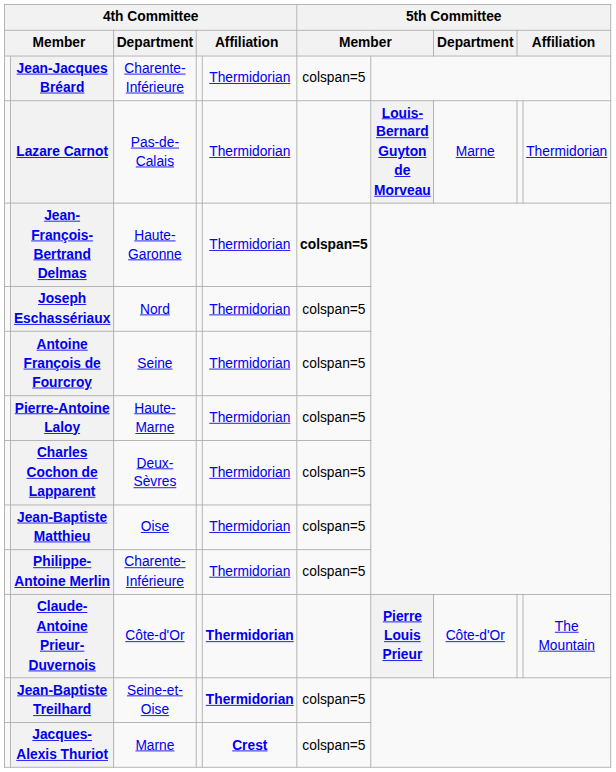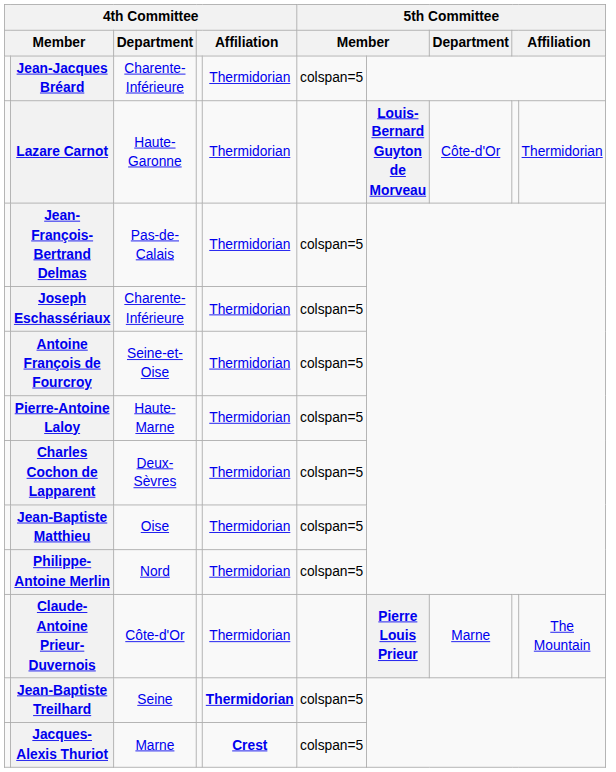 <table class="wikitable" style="line-height:1.4em; text-align:center">
 <tr>
 <th colspan=5>4th Committee<br></th>
 <th colspan=5>5th Committee<br></th>
 </tr>
 <tr>
 <th colspan=2>Member</th>
 <th>Department</th>
 <th colspan=2>Affiliation</th>
 <th colspan=2>Member</th>
 <th>Department</th>
 <th colspan=2>Affiliation</th>
 </tr>
 <tr>
 <td></td>
 <th><a href='#'>Jean-Jacques Bréard</a></th>
 <td><a href='#'>Charente-Inférieure</a></td>
 <td></td>
 <td><a href='#'>Thermidorian</a></td>
 <td>colspan=5 </td>
 </tr>
 <tr>
 <td></td>
 <th><a href='#'>Lazare Carnot</a></th>
-<td><a href='#'>Pas-de-Calais</a></td>
+<td><a href='#'>Haute-Garonne</a></td>
 <td></td>
 <td><a href='#'>Thermidorian</a></td>
 <td></td>
 <th><a href='#'>Louis-Bernard Guyton de Morveau</a></th>
-<td><a href='#'>Marne</a></td>
+<td><a href='#'>Côte-d'Or</a></td>
 <td></td>
 <td><a href='#'>Thermidorian</a></td>
 </tr>
 <tr>
 <td></td>
 <th><a href='#'>Jean-François-Bertrand Delmas</a></th>
-<td><a href='#'>Haute-Garonne</a></td>
+<td><a href='#'>Pas-de-Calais</a></td>
 <td></td>
 <td><a href='#'>Thermidorian</a></td>
-<td><strong>colspan=5 </strong></td>
+<td>colspan=5 </td>
 </tr>
 <tr>
 <td></td>
 <th><a href='#'>Joseph Eschassériaux</a></th>
-<td><a href='#'>Nord</a></td>
+<td><a href='#'>Charente-Inférieure</a></td>
 <td></td>
 <td><a href='#'>Thermidorian</a></td>
 <td>colspan=5 </td>
 </tr>
 <tr>
 <td></td>
 <th><a href='#'>Antoine François de Fourcroy</a></th>
-<td><a href='#'>Seine</a></td>
+<td><a href='#'>Seine-et-Oise</a></td>
 <td></td>
 <td><a href='#'>Thermidorian</a></td>
 <td>colspan=5 </td>
 </tr>
 <tr>
 <td></td>
 <th><a href='#'>Pierre-Antoine Laloy</a></th>
 <td><a href='#'>Haute-Marne</a></td>
 <td></td>
 <td><a href='#'>Thermidorian</a></td>
 <td>colspan=5 </td>
 </tr>
 <tr>
 <td></td>
 <th><a href='#'>Charles Cochon de Lapparent</a></th>
 <td><a href='#'>Deux-Sèvres</a></td>
 <td></td>
 <td><a href='#'>Thermidorian</a></td>
 <td>colspan=5 </td>
 </tr>
 <tr>
 <td></td>
 <th><a href='#'>Jean-Baptiste Matthieu</a></th>
 <td><a href='#'>Oise</a></td>
 <td></td>
 <td><a href='#'>Thermidorian</a></td>
 <td>colspan=5 </td>
 </tr>
 <tr>
 <td></td>
 <th><a href='#'>Philippe-Antoine Merlin</a></th>
-<td><a href='#'>Charente-Inférieure</a></td>
+<td><a href='#'>Nord</a></td>
 <td></td>
 <td><a href='#'>Thermidorian</a></td>
 <td>colspan=5 </td>
 </tr>
 <tr>
 <td></td>
 <th><a href='#'>Claude-Antoine Prieur-Duvernois</a></th>
 <td><a href='#'>Côte-d'Or</a></td>
 <td></td>
-<td><strong><a href='#'>Thermidorian</a></strong></td>
+<td><a href='#'>Thermidorian</a></td>
 <td></td>
 <th><a href='#'>Pierre Louis Prieur</a></th>
-<td><a href='#'>Côte-d'Or</a></td>
+<td><a href='#'>Marne</a></td>
 <td></td>
 <td><a href='#'>The Mountain</a></td>
 </tr>
 <tr>
 <td></td>
 <th><a href='#'>Jean-Baptiste Treilhard</a></th>
-<td><a href='#'>Seine-et-Oise</a></td>
+<td><a href='#'>Seine</a></td>
 <td></td>
 <td><strong><a href='#'>Thermidorian</a></strong></td>
 <td>colspan=5 </td>
 </tr>
 <tr>
 <td></td>
 <th><a href='#'>Jacques-Alexis Thuriot</a></th>
 <td><a href='#'>Marne</a></td>
 <td></td>
 <td><strong><a href='#'>Crest</a></strong></td>
 <td>colspan=5 </td>
 </tr>
 </table>
